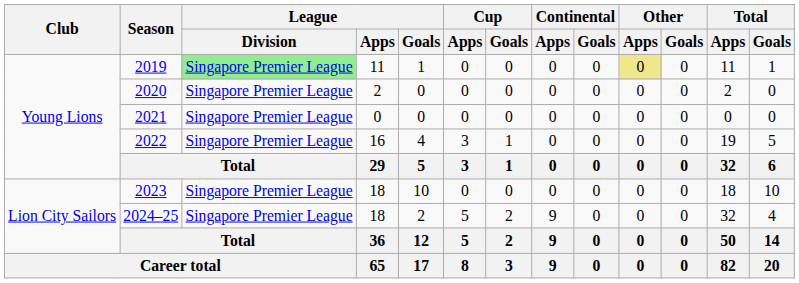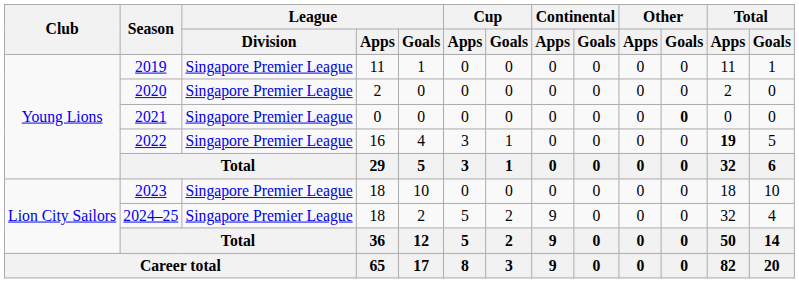 <table class="wikitable" style="text-align: center">
 <tr>
 <th rowspan="2">Club</th>
 <th rowspan="2">Season</th>
 <th colspan="3">League</th>
 <th colspan="2">Cup</th>
 <th colspan="2">Continental</th>
 <th colspan="2">Other</th>
 <th colspan="2">Total</th>
 </tr>
 <tr>
 <th>Division</th>
 <th>Apps</th>
 <th>Goals</th>
 <th>Apps</th>
 <th>Goals</th>
 <th>Apps</th>
 <th>Goals</th>
 <th>Apps</th>
 <th>Goals</th>
 <th>Apps</th>
 <th>Goals</th>
 </tr>
 <tr>
 <td rowspan="5"><a href='#'>Young Lions</a></td>
 <td><a href='#'>2019</a></td>
-<td style="background: lightgreen;"><a href='#'>Singapore Premier League</a></td>
+<td><a href='#'>Singapore Premier League</a></td>
 <td>11</td>
 <td>1</td>
 <td>0</td>
 <td>0</td>
 <td>0</td>
 <td>0</td>
-<td style="background: khaki;">0</td>
+<td>0</td>
 <td>0</td>
 <td>11</td>
 <td>1</td>
 </tr>
 <tr>
 <td><a href='#'>2020</a></td>
 <td><a href='#'>Singapore Premier League</a></td>
 <td>2</td>
 <td>0</td>
 <td>0</td>
 <td>0</td>
 <td>0</td>
 <td>0</td>
 <td>0</td>
 <td>0</td>
 <td>2</td>
 <td>0</td>
 </tr>
 <tr>
 <td><a href='#'>2021</a></td>
 <td><a href='#'>Singapore Premier League</a></td>
 <td>0</td>
 <td>0</td>
 <td>0</td>
 <td>0</td>
 <td>0</td>
 <td>0</td>
 <td>0</td>
-<td>0</td>
+<td><strong>0</strong></td>
 <td>0</td>
 <td>0</td>
 </tr>
 <tr>
 <td><a href='#'>2022</a></td>
 <td><a href='#'>Singapore Premier League</a></td>
 <td>16</td>
 <td>4</td>
 <td>3</td>
 <td>1</td>
 <td>0</td>
 <td>0</td>
 <td>0</td>
 <td>0</td>
-<td>19</td>
+<td><strong>19</strong></td>
 <td>5</td>
 </tr>
 <tr>
 <th colspan=2>Total</th>
 <th>29</th>
 <th>5</th>
 <th>3</th>
 <th>1</th>
 <th>0</th>
 <th>0</th>
 <th>0</th>
 <th>0</th>
 <th>32</th>
 <th>6</th>
 </tr>
 <tr>
 <td rowspan="3"><a href='#'>Lion City Sailors</a></td>
 <td><a href='#'>2023</a></td>
 <td><a href='#'>Singapore Premier League</a></td>
 <td>18</td>
 <td>10</td>
 <td>0</td>
 <td>0</td>
 <td>0</td>
 <td>0</td>
 <td>0</td>
 <td>0</td>
 <td>18</td>
 <td>10</td>
 </tr>
 <tr>
 <td><a href='#'>2024–25</a></td>
 <td><a href='#'>Singapore Premier League</a></td>
 <td>18</td>
 <td>2</td>
 <td>5</td>
 <td>2</td>
 <td>9 </td>
 <td>0</td>
 <td>0</td>
 <td>0</td>
 <td>32</td>
 <td>4</td>
 </tr>
 <tr>
 <th colspan="2">Total</th>
 <th>36</th>
 <th>12</th>
 <th>5</th>
 <th>2</th>
 <th>9</th>
 <th>0</th>
 <th>0</th>
 <th>0</th>
 <th>50</th>
 <th>14</th>
 </tr>
 <tr>
 <th colspan="3">Career total</th>
 <th>65</th>
 <th>17</th>
 <th>8</th>
 <th>3</th>
 <th>9</th>
 <th>0</th>
 <th>0</th>
 <th>0</th>
 <th>82</th>
 <th>20</th>
 </tr>
 </table>
